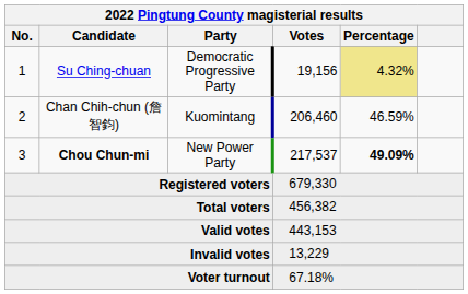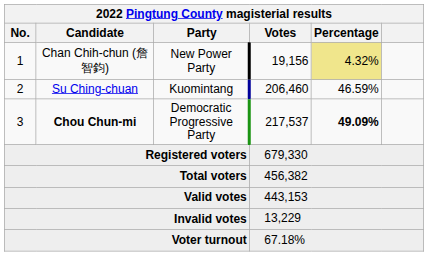 <table class="wikitable collapsible" style="margin:1em auto; text-align:center">
 <tr>
 <th colspan="6">2022 <a href='#'>Pingtung County</a> magisterial results</th>
 </tr>
 <tr>
 <th width=35>No.</th>
 <th width=150>Candidate</th>
 <th width=120>Party</th>
 <th width=75>Votes</th>
 <th width=75>Percentage</th>
 <th width=49></th>
 </tr>
 <tr>
 <td>1</td>
-<td><a href='#'>Su Ching-chuan</a></td>
-<td>Democratic Progressive Party</td>
+<td>Chan Chih-chun (詹智鈞)</td>
+<td> New Power Party</td>
 <td style="border-left:4px solid #000000;" align="right">19,156</td>
 <td align="right" style="background: khaki;">4.32%</td>
 <td align="center"></td>
 </tr>
 <tr>
 <td>2</td>
-<td>Chan Chih-chun (詹智鈞)</td>
+<td><a href='#'>Su Ching-chuan</a></td>
 <td> Kuomintang</td>
 <td style="border-left:4px solid #000099;" align="right">206,460</td>
 <td align="right">46.59%</td>
 <td align="center"></td>
 </tr>
 <tr>
 <td>3</td>
 <td><strong>Chou Chun-mi</strong></td>
-<td> New Power Party</td>
+<td>Democratic Progressive Party</td>
 <td style="border-left:4px solid #1B9413;" align="right">217,537</td>
 <td align="right"><strong>49.09%</strong></td>
 <td align="center"></td>
 </tr>
 <tr bgcolor=EEEEEE>
 <td colspan="3" align="right"><strong>Registered voters</strong></td>
 <td colspan="3" align="left">　679,330</td>
 </tr>
 <tr bgcolor=EEEEEE>
 <td colspan="3" align="right"><strong>Total voters</strong></td>
 <td colspan="3" align="left">　456,382</td>
 </tr>
 <tr bgcolor=EEEEEE>
 <td colspan="3" align="right"><strong>Valid votes</strong></td>
 <td colspan="3" align="left">　443,153</td>
 </tr>
 <tr bgcolor=EEEEEE>
 <td colspan="3" align="right"><strong>Invalid votes</strong></td>
 <td colspan="3" align="left">　13,229</td>
 </tr>
 <tr bgcolor=EEEEEE>
 <td colspan="3" align="right"><strong>Voter turnout</strong></td>
 <td colspan="3" align="left">　67.18%</td>
 </tr>
 </table>
